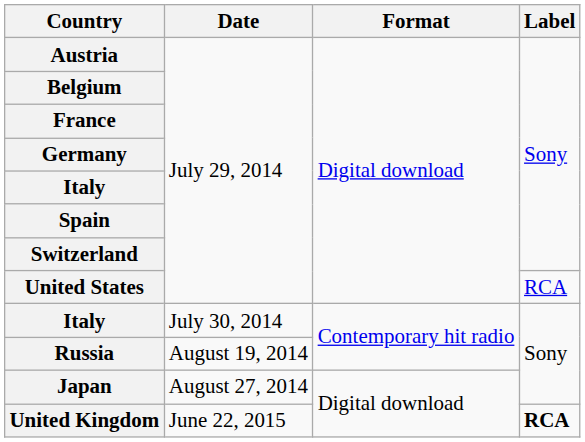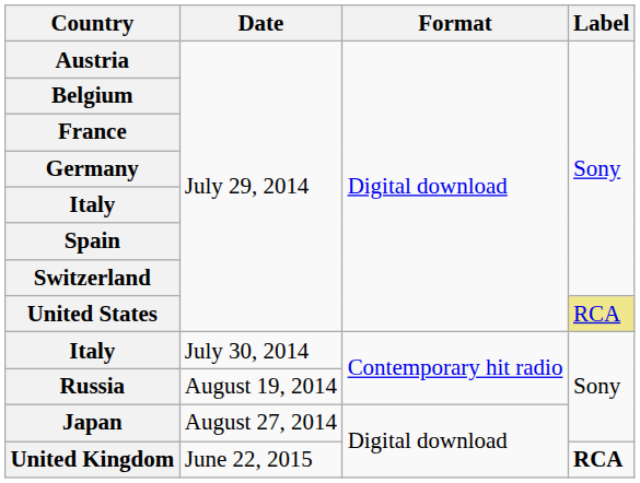 <table class="wikitable plainrowheaders">
 <tr>
 <th scope="col">Country</th>
 <th scope="col">Date</th>
 <th scope="col">Format</th>
 <th scope="col">Label</th>
 </tr>
 <tr>
 <th scope="row">Austria</th>
 <td rowspan="8">July 29, 2014</td>
 <td rowspan="8"><a href='#'>Digital download</a></td>
 <td rowspan="7"><a href='#'>Sony</a></td>
 </tr>
 <tr>
 <th scope="row">Belgium</th>
 </tr>
 <tr>
 <th scope="row">France</th>
 </tr>
 <tr>
 <th scope="row">Germany</th>
 </tr>
 <tr>
 <th scope="row">Italy</th>
 </tr>
 <tr>
 <th scope="row">Spain</th>
 </tr>
 <tr>
 <th scope="row">Switzerland</th>
 </tr>
 <tr>
 <th scope="row">United States</th>
-<td><a href='#'>RCA</a></td>
+<td style="background: khaki;"><a href='#'>RCA</a></td>
 </tr>
 <tr>
 <th scope="row">Italy</th>
 <td>July 30, 2014</td>
 <td rowspan="2"><a href='#'>Contemporary hit radio</a></td>
 <td rowspan="3">Sony</td>
 </tr>
 <tr>
 <th scope="row">Russia</th>
 <td>August 19, 2014</td>
 </tr>
 <tr>
 <th scope="row">Japan</th>
 <td>August 27, 2014</td>
 <td rowspan="2">Digital download</td>
 </tr>
 <tr>
 <th scope="row">United Kingdom</th>
 <td>June 22, 2015</td>
 <td><strong>RCA</strong></td>
 </tr>
 </table>
